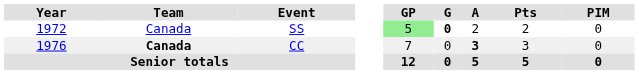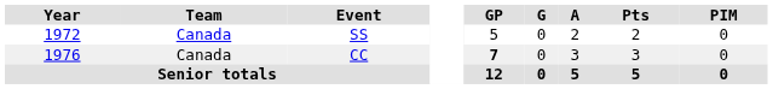 <table border="0" cellpadding="1" cellspacing="0" style="text-align:center; width:50em">
 <tr ALIGN="center" bgcolor="#e0e0e0">
 <th>Year</th>
 <th>Team</th>
 <th>Event</th>
 <th rowspan="99" bgcolor="#ffffff"> </th>
 <th>GP</th>
 <th>G</th>
 <th>A</th>
 <th>Pts</th>
 <th>PIM</th>
 </tr>
 <tr>
 <td><a href='#'>1972</a></td>
 <td><a href='#'>Canada</a></td>
 <td><a href='#'>SS</a></td>
-<td style="background: lightgreen;">5</td>
-<td><strong>0</strong></td>
+<td>5</td>
+<td>0</td>
 <td>2</td>
 <td>2</td>
 <td>0</td>
 </tr>
 <tr bgcolor="#f0f0f0">
 <td><a href='#'>1976</a></td>
-<td><strong>Canada</strong></td>
+<td>Canada</td>
 <td><a href='#'>CC</a></td>
-<td>7</td>
+<td><strong>7</strong></td>
 <td>0</td>
-<td><strong>3</strong></td>
+<td>3</td>
 <td>3</td>
 <td>0</td>
 </tr>
 <tr bgcolor="#e0e0e0">
 <th colspan=3>Senior totals</th>
 <th>12</th>
 <th>0</th>
 <th>5</th>
 <th>5</th>
 <th>0</th>
 </tr>
 </table>
